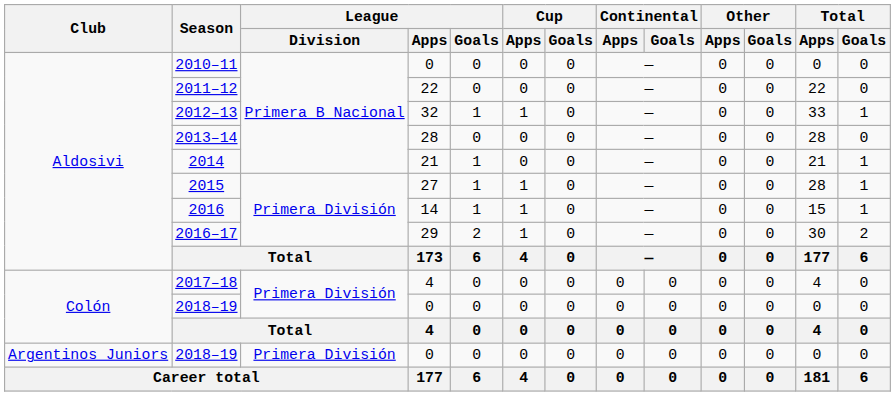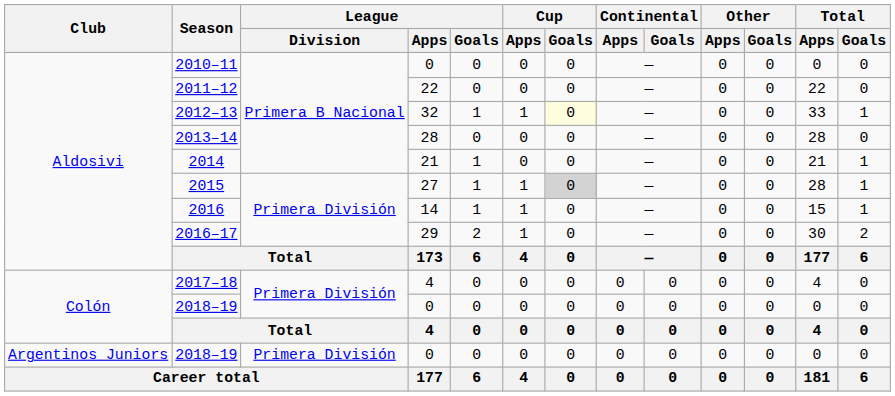 <table class="wikitable" style="text-align:center">
 <tr>
 <th rowspan="2">Club</th>
 <th rowspan="2">Season</th>
 <th colspan="3">League</th>
 <th colspan="2">Cup</th>
 <th colspan="2">Continental</th>
 <th colspan="2">Other</th>
 <th colspan="2">Total</th>
 </tr>
 <tr>
 <th>Division</th>
 <th>Apps</th>
 <th>Goals</th>
 <th>Apps</th>
 <th>Goals</th>
 <th>Apps</th>
 <th>Goals</th>
 <th>Apps</th>
 <th>Goals</th>
 <th>Apps</th>
 <th>Goals</th>
 </tr>
 <tr>
 <td rowspan="9"><a href='#'>Aldosivi</a></td>
 <td><a href='#'>2010–11</a></td>
 <td rowspan="5"><a href='#'>Primera B Nacional</a></td>
 <td>0</td>
 <td>0</td>
 <td>0</td>
 <td>0</td>
 <td colspan="2">—</td>
 <td>0</td>
 <td>0</td>
 <td>0</td>
 <td>0</td>
 </tr>
 <tr>
 <td><a href='#'>2011–12</a></td>
 <td>22</td>
 <td>0</td>
 <td>0</td>
 <td>0</td>
 <td colspan="2">—</td>
 <td>0</td>
 <td>0</td>
 <td>22</td>
 <td>0</td>
 </tr>
 <tr>
 <td><a href='#'>2012–13</a></td>
 <td>32</td>
 <td>1</td>
 <td>1</td>
-<td>0</td>
+<td style="background: lightyellow;">0</td>
 <td colspan="2">—</td>
 <td>0</td>
 <td>0</td>
 <td>33</td>
 <td>1</td>
 </tr>
 <tr>
 <td><a href='#'>2013–14</a></td>
 <td>28</td>
 <td>0</td>
 <td>0</td>
 <td>0</td>
 <td colspan="2">—</td>
 <td>0</td>
 <td>0</td>
 <td>28</td>
 <td>0</td>
 </tr>
 <tr>
 <td><a href='#'>2014</a></td>
 <td>21</td>
 <td>1</td>
 <td>0</td>
 <td>0</td>
 <td colspan="2">—</td>
 <td>0</td>
 <td>0</td>
 <td>21</td>
 <td>1</td>
 </tr>
 <tr>
 <td><a href='#'>2015</a></td>
 <td rowspan="3"><a href='#'>Primera División</a></td>
 <td>27</td>
 <td>1</td>
 <td>1</td>
-<td>0</td>
+<td style="background: lightgrey;">0</td>
 <td colspan="2">—</td>
 <td>0</td>
 <td>0</td>
 <td>28</td>
 <td>1</td>
 </tr>
 <tr>
 <td><a href='#'>2016</a></td>
 <td>14</td>
 <td>1</td>
 <td>1</td>
 <td>0</td>
 <td colspan="2">—</td>
 <td>0</td>
 <td>0</td>
 <td>15</td>
 <td>1</td>
 </tr>
 <tr>
 <td><a href='#'>2016–17</a></td>
 <td>29</td>
 <td>2</td>
 <td>1</td>
 <td>0</td>
 <td colspan="2">—</td>
 <td>0</td>
 <td>0</td>
 <td>30</td>
 <td>2</td>
 </tr>
 <tr>
 <th colspan="2">Total</th>
 <th>173</th>
 <th>6</th>
 <th>4</th>
 <th>0</th>
 <th colspan="2">—</th>
 <th>0</th>
 <th>0</th>
 <th>177</th>
 <th>6</th>
 </tr>
 <tr>
 <td rowspan="3"><a href='#'>Colón</a></td>
 <td><a href='#'>2017–18</a></td>
 <td rowspan="2"><a href='#'>Primera División</a></td>
 <td>4</td>
 <td>0</td>
 <td>0</td>
 <td>0</td>
 <td>0</td>
 <td>0</td>
 <td>0</td>
 <td>0</td>
 <td>4</td>
 <td>0</td>
 </tr>
 <tr>
 <td><a href='#'>2018–19</a></td>
 <td>0</td>
 <td>0</td>
 <td>0</td>
 <td>0</td>
 <td>0</td>
 <td>0</td>
 <td>0</td>
 <td>0</td>
 <td>0</td>
 <td>0</td>
 </tr>
 <tr>
 <th colspan="2">Total</th>
 <th>4</th>
 <th>0</th>
 <th>0</th>
 <th>0</th>
 <th>0</th>
 <th>0</th>
 <th>0</th>
 <th>0</th>
 <th>4</th>
 <th>0</th>
 </tr>
 <tr>
 <td rowspan="1"><a href='#'>Argentinos Juniors</a></td>
 <td><a href='#'>2018–19</a></td>
 <td rowspan="1"><a href='#'>Primera División</a></td>
 <td>0</td>
 <td>0</td>
 <td>0</td>
 <td>0</td>
 <td>0</td>
 <td>0</td>
 <td>0</td>
 <td>0</td>
 <td>0</td>
 <td>0</td>
 </tr>
 <tr>
 <th colspan="3">Career total</th>
 <th>177</th>
 <th>6</th>
 <th>4</th>
 <th>0</th>
 <th>0</th>
 <th>0</th>
 <th>0</th>
 <th>0</th>
 <th>181</th>
 <th>6</th>
 </tr>
 </table>
